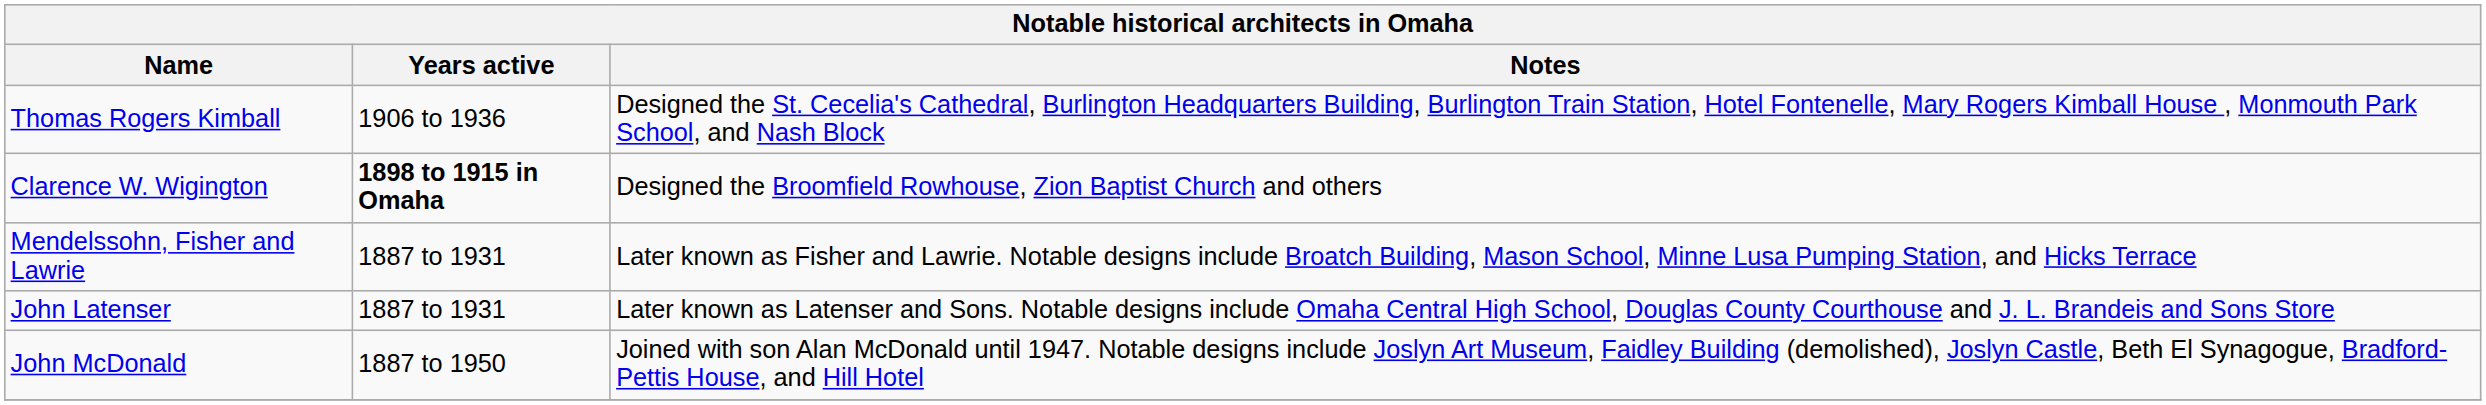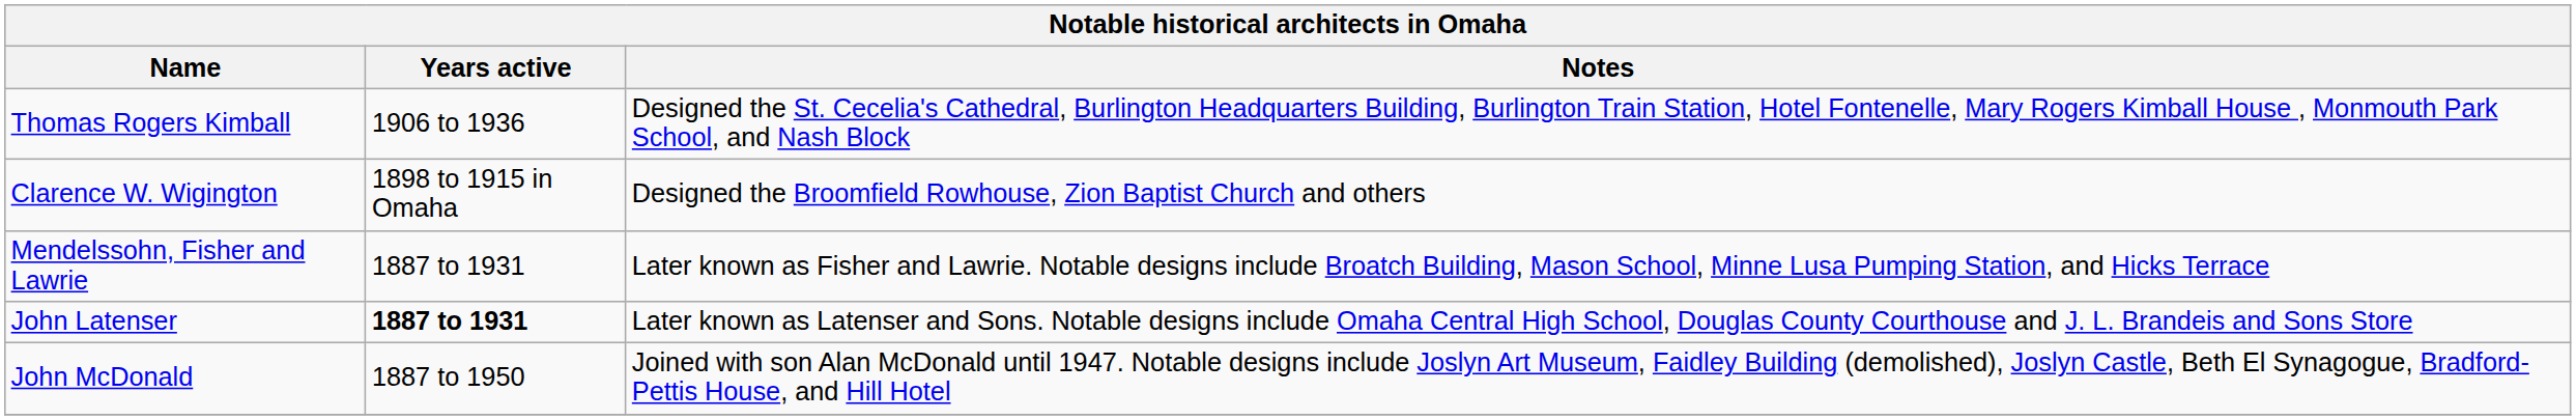 <table class="wikitable">
 <tr>
 <th align="center" colspan="6"><strong>Notable historical architects in Omaha</strong></th>
 </tr>
 <tr>
 <th>Name</th>
 <th>Years active</th>
 <th>Notes</th>
 </tr>
 <tr>
 <td><a href='#'>Thomas Rogers Kimball</a></td>
 <td>1906 to 1936</td>
 <td>Designed the <a href='#'>St. Cecelia's Cathedral</a>, <a href='#'>Burlington Headquarters Building</a>, <a href='#'>Burlington Train Station</a>, <a href='#'>Hotel Fontenelle</a>, <a href='#'>Mary Rogers Kimball House	</a>, <a href='#'>Monmouth Park School</a>, and <a href='#'>Nash Block</a></td>
 </tr>
 <tr>
 <td><a href='#'>Clarence W. Wigington</a></td>
-<td><strong>1898 to 1915 in Omaha</strong></td>
+<td>1898 to 1915 in Omaha</td>
 <td>Designed the <a href='#'>Broomfield Rowhouse</a>, <a href='#'>Zion Baptist Church</a> and others</td>
 </tr>
 <tr>
 <td><a href='#'>Mendelssohn, Fisher and Lawrie</a></td>
 <td>1887 to 1931</td>
 <td>Later known as Fisher and Lawrie. Notable designs include <a href='#'>Broatch Building</a>,  <a href='#'>Mason School</a>, <a href='#'>Minne Lusa Pumping Station</a>, and <a href='#'>Hicks Terrace</a></td>
 </tr>
 <tr>
 <td><a href='#'>John Latenser</a></td>
-<td>1887 to 1931</td>
+<td><strong>1887 to 1931</strong></td>
 <td>Later known as Latenser and Sons. Notable designs include <a href='#'>Omaha Central High School</a>, <a href='#'>Douglas County Courthouse</a> and <a href='#'>J. L. Brandeis and Sons Store</a></td>
 </tr>
 <tr>
 <td><a href='#'>John McDonald</a></td>
 <td>1887 to 1950</td>
 <td>Joined with son Alan McDonald until 1947. Notable designs include <a href='#'>Joslyn Art Museum</a>, <a href='#'>Faidley Building</a> (demolished), <a href='#'>Joslyn Castle</a>, Beth El Synagogue, <a href='#'>Bradford-Pettis House</a>, and <a href='#'>Hill Hotel</a></td>
 </tr>
 <tr>
 </tr>
 </table>
